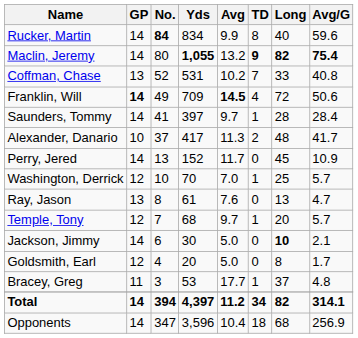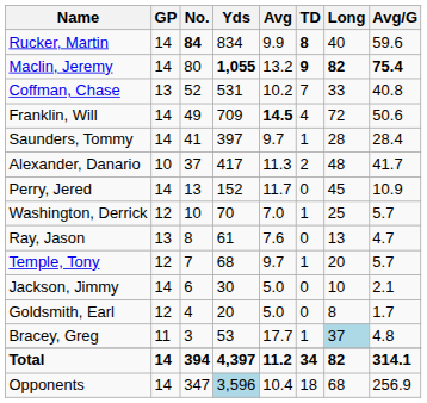 <table class="wikitable sortable" style="white-space:nowrap">
 <tr>
 <th>Name</th>
 <th>GP</th>
 <th>No.</th>
 <th>Yds</th>
 <th>Avg</th>
 <th>TD</th>
 <th>Long</th>
 <th>Avg/G</th>
 </tr>
 <tr>
 <td><a href='#'>Rucker, Martin</a></td>
 <td>14</td>
 <td><strong>84</strong></td>
 <td>834</td>
 <td>9.9</td>
-<td>8</td>
+<td><strong>8</strong></td>
 <td>40</td>
 <td>59.6</td>
 </tr>
 <tr>
 <td><a href='#'>Maclin, Jeremy</a></td>
 <td>14</td>
 <td>80</td>
 <td><strong>1,055</strong></td>
 <td>13.2</td>
 <td><strong>9</strong></td>
 <td><strong>82</strong></td>
 <td><strong>75.4</strong></td>
 </tr>
 <tr>
 <td><a href='#'>Coffman, Chase</a></td>
 <td>13</td>
 <td>52</td>
 <td>531</td>
 <td>10.2</td>
 <td>7</td>
 <td>33</td>
 <td>40.8</td>
 </tr>
 <tr>
 <td>Franklin, Will</td>
-<td><strong>14</strong></td>
+<td>14</td>
 <td>49</td>
 <td>709</td>
 <td><strong>14.5</strong></td>
 <td>4</td>
 <td>72</td>
 <td>50.6</td>
 </tr>
 <tr>
 <td>Saunders, Tommy</td>
 <td>14</td>
 <td>41</td>
 <td>397</td>
 <td>9.7</td>
 <td>1</td>
 <td>28</td>
 <td>28.4</td>
 </tr>
 <tr>
 <td>Alexander, Danario</td>
 <td>10</td>
 <td>37</td>
 <td>417</td>
 <td>11.3</td>
 <td>2</td>
 <td>48</td>
 <td>41.7</td>
 </tr>
 <tr>
 <td>Perry, Jered</td>
 <td>14</td>
 <td>13</td>
 <td>152</td>
 <td>11.7</td>
 <td>0</td>
 <td>45</td>
 <td>10.9</td>
 </tr>
 <tr>
 <td>Washington, Derrick</td>
 <td>12</td>
 <td>10</td>
 <td>70</td>
 <td>7.0</td>
 <td>1</td>
 <td>25</td>
 <td>5.7</td>
 </tr>
 <tr>
 <td>Ray, Jason</td>
 <td>13</td>
 <td>8</td>
 <td>61</td>
 <td>7.6</td>
 <td>0</td>
 <td>13</td>
 <td>4.7</td>
 </tr>
 <tr>
 <td><a href='#'>Temple, Tony</a></td>
 <td>12</td>
 <td>7</td>
 <td>68</td>
 <td>9.7</td>
 <td>1</td>
 <td>20</td>
 <td>5.7</td>
 </tr>
 <tr>
 <td>Jackson, Jimmy</td>
 <td>14</td>
 <td>6</td>
 <td>30</td>
 <td>5.0</td>
 <td>0</td>
-<td><strong>10</strong></td>
+<td>10</td>
 <td>2.1</td>
 </tr>
 <tr>
 <td>Goldsmith, Earl</td>
 <td>12</td>
 <td>4</td>
 <td>20</td>
 <td>5.0</td>
 <td>0</td>
 <td>8</td>
 <td>1.7</td>
 </tr>
 <tr>
 <td>Bracey, Greg</td>
 <td>11</td>
 <td>3</td>
 <td>53</td>
 <td>17.7</td>
 <td>1</td>
-<td>37</td>
+<td style="background: lightblue;">37</td>
 <td>4.8</td>
 </tr>
 <tr>
 </tr>
 <tr style="font-weight:bold;">
 <td>Total</td>
 <td>14</td>
 <td>394</td>
 <td>4,397</td>
 <td>11.2</td>
 <td>34</td>
 <td>82</td>
 <td>314.1</td>
 </tr>
 <tr>
 <td>Opponents</td>
 <td>14</td>
 <td>347</td>
-<td>3,596</td>
+<td style="background: lightblue;">3,596</td>
 <td>10.4</td>
 <td>18</td>
 <td>68</td>
 <td>256.9</td>
 </tr>
 </table>
